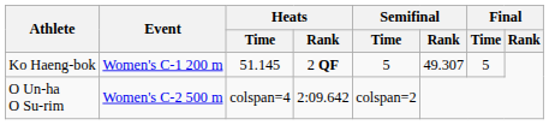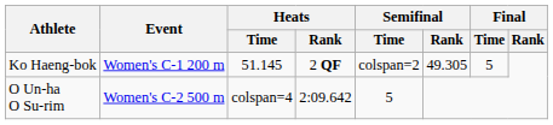 <table class=wikitable style=font-size:90%;text-align:center>
 <tr>
 <th rowspan=2>Athlete</th>
 <th rowspan=2>Event</th>
 <th colspan=2>Heats</th>
 <th colspan=2>Semifinal</th>
 <th colspan=2>Final</th>
 </tr>
 <tr style="font-size:95%">
 <th>Time</th>
 <th>Rank</th>
 <th>Time</th>
 <th>Rank</th>
 <th>Time</th>
 <th>Rank</th>
 </tr>
 <tr>
 <td align=left>Ko Haeng-bok</td>
 <td align=left><a href='#'>Women's C-1 200 m</a></td>
 <td>51.145</td>
 <td>2 <strong>QF</strong></td>
-<td>5</td>
-<td>49.307</td>
+<td>colspan=2 </td>
+<td>49.305</td>
 <td>5</td>
 </tr>
 <tr>
 <td align=left>O Un-ha<br>O Su-rim</td>
 <td align=left><a href='#'>Women's C-2 500 m</a></td>
 <td>colspan=4 </td>
 <td>2:09.642</td>
-<td>colspan=2 </td>
+<td>5</td>
 </tr>
 </table>
